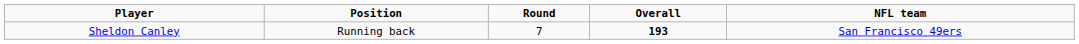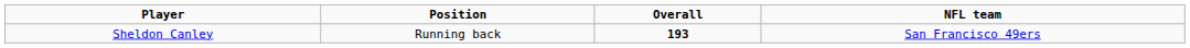 <table class="wikitable" width="65%">
 <tr align="center">
 <td><strong>Player</strong></td>
 <td><strong>Position</strong></td>
-<td><strong>Round</strong></td>
 <td><strong>Overall</strong></td>
 <td><strong>NFL team</strong></td>
 </tr>
 <tr align="center" bgcolor="">
 <td><a href='#'>Sheldon Canley</a></td>
 <td>Running back</td>
-<td>7</td>
 <td><strong>193</strong></td>
 <td><a href='#'>San Francisco 49ers</a></td>
 </tr>
 </table>
